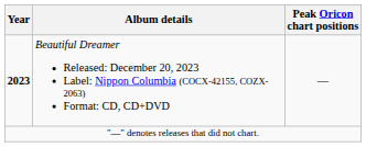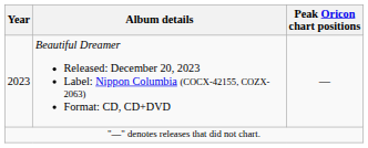 <table class="wikitable" border="1">
 <tr>
 <th rowspan="1">Year</th>
 <th rowspan="1" width="350">Album details</th>
 <th colspan="1">Peak <a href='#'>Oricon</a><br> chart positions</th>
 </tr>
 <tr>
-<td><strong>2023</strong></td>
+<td>2023</td>
 <td align="left"><em>Beautiful Dreamer</em><br><ul><li>Released: December 20, 2023</li><li>Label: <a href='#'>Nippon Columbia</a> <small>(COCX-42155, COZX-2063)</small></li><li>Format: CD, CD+DVD</li></ul></td>
 <td align="center">—</td>
 </tr>
 <tr>
 <td align="center" colspan="13" style="font-size: 85%">"—" denotes releases that did not chart.</td>
 </tr>
 </table>
